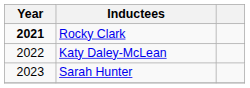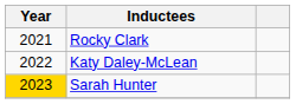 <table class="wikitable">
 <tr>
 <th width=60>Year</th>
 <th width=200>Inductees</th>
 <th width=30></th>
 </tr>
 <tr>
-<td align=center><strong>2021</strong></td>
+<td align=center>2021</td>
 <td><a href='#'>Rocky Clark</a></td>
 <td align=center></td>
 </tr>
 <tr>
 <td align=center>2022</td>
 <td><a href='#'>Katy Daley-McLean</a></td>
 <td align=center></td>
 </tr>
 <tr>
-<td align=center>2023</td>
+<td align=center style="background: gold;">2023</td>
 <td><a href='#'>Sarah Hunter</a></td>
 <td align=center></td>
 </tr>
 <tr>
 </tr>
 </table>
